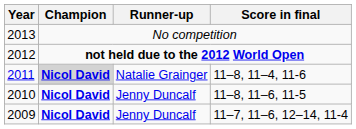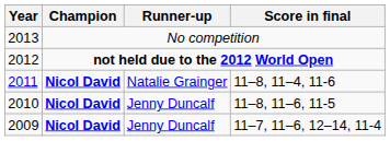 <table class="wikitable" style="font-size:95%;">
 <tr>
 <th>Year</th>
 <th>Champion</th>
 <th>Runner-up</th>
 <th>Score in final</th>
 </tr>
 <tr>
 <td>2013</td>
 <td rowspan=1 colspan=3 align="center"><em>No competition</em></td>
 </tr>
 <tr>
 <td>2012</td>
 <td rowspan=1 colspan=3 align="center"><strong>not held due to the <a href='#'>2012</a> <a href='#'>World Open</a></strong></td>
 </tr>
 <tr>
 <td><a href='#'>2011</a></td>
-<td style="background: lightgrey;"> <strong><a href='#'>Nicol David</a></strong></td>
+<td> <strong><a href='#'>Nicol David</a></strong></td>
 <td> <a href='#'>Natalie Grainger</a></td>
 <td>11–8, 11–4, 11-6</td>
 </tr>
 <tr>
 <td>2010</td>
 <td> <strong><a href='#'>Nicol David</a></strong></td>
 <td> <a href='#'>Jenny Duncalf</a></td>
 <td>11–8, 11–6, 11-5</td>
 </tr>
 <tr>
 <td>2009</td>
 <td> <strong><a href='#'>Nicol David</a></strong></td>
 <td> <a href='#'>Jenny Duncalf</a></td>
 <td>11–7, 11–6, 12–14, 11-4</td>
 </tr>
 </table>
